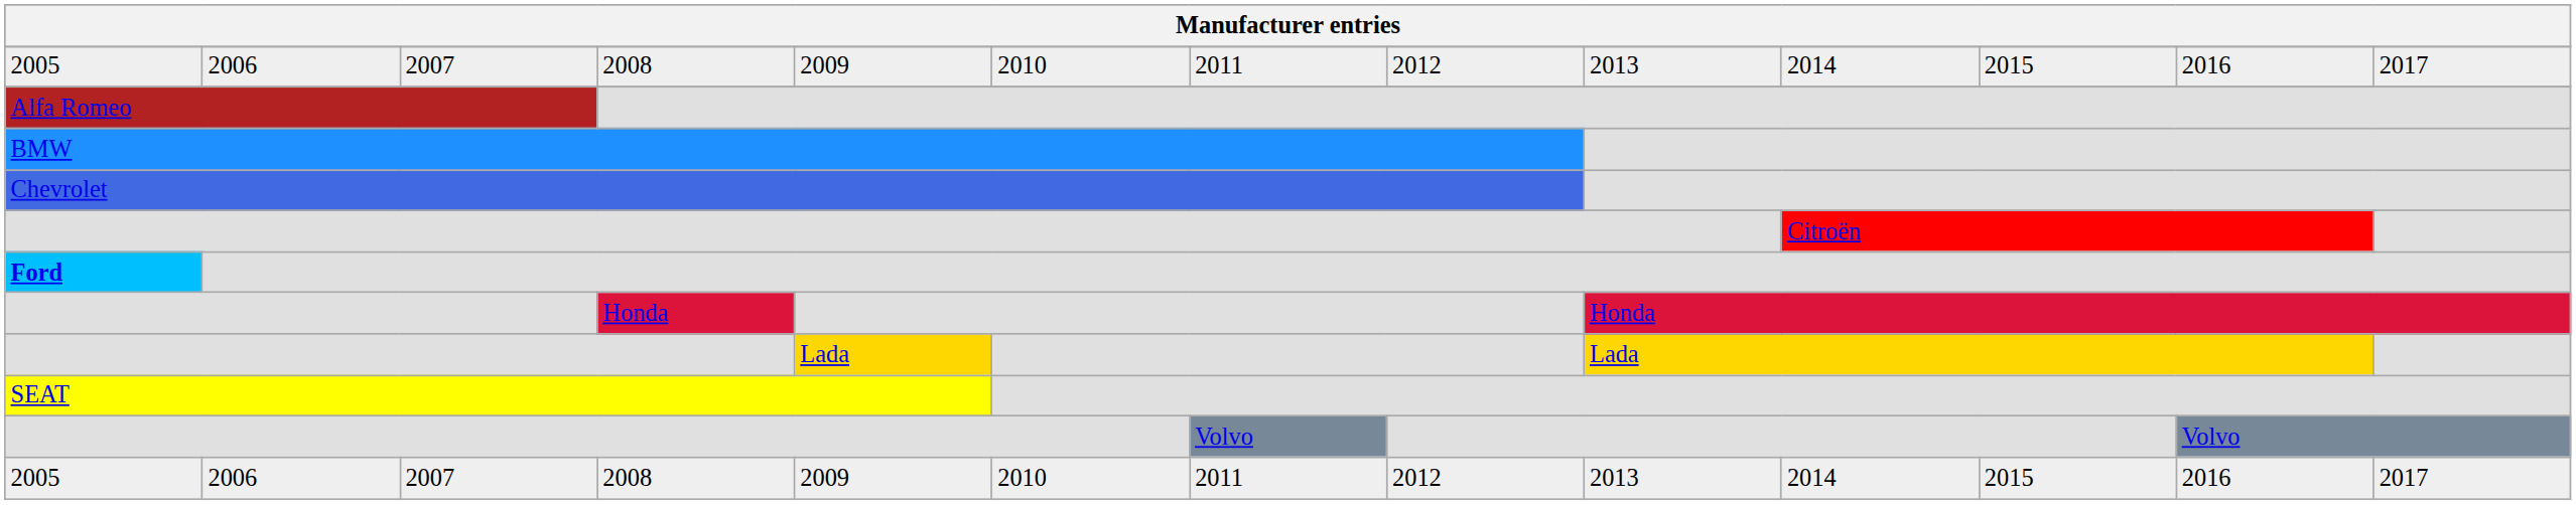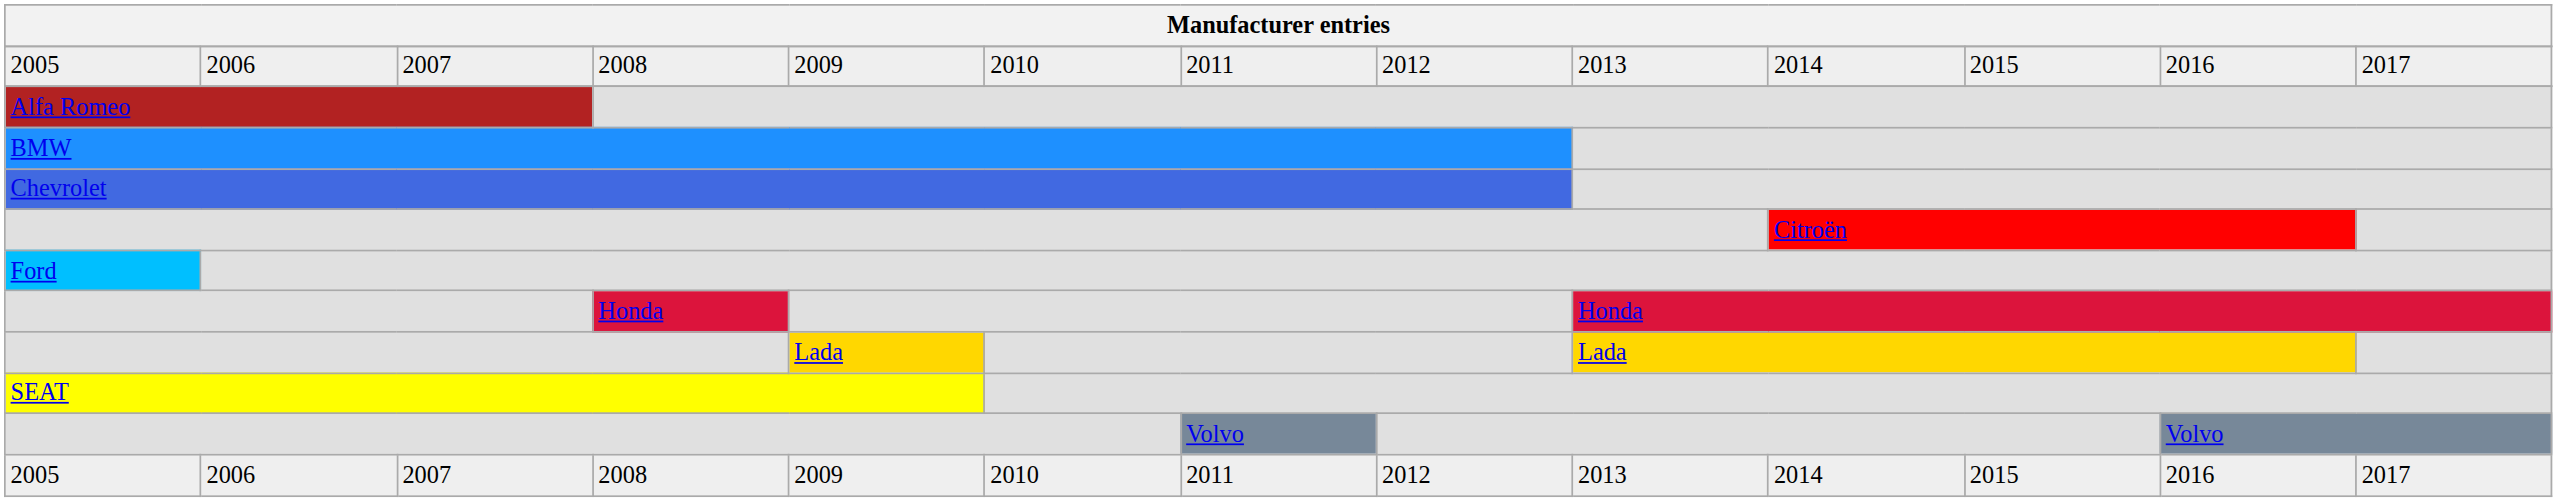 <table class="wikitable" style="font-size:88%">
 <tr>
 <th colspan=31>Manufacturer entries</th>
 </tr>
 <tr>
 </tr>
 <tr style="background:#EFEFEF;">
 <td width=3%>2005</td>
 <td width=3%>2006</td>
 <td width=3%>2007</td>
 <td width=3%>2008</td>
 <td width=3%>2009</td>
 <td width=3%>2010</td>
 <td width=3%>2011</td>
 <td width=3%>2012</td>
 <td width=3%>2013</td>
 <td width=3%>2014</td>
 <td width=3%>2015</td>
 <td width=3%>2016</td>
 <td width=3%>2017</td>
 </tr>
 <tr>
 </tr>
 <tr>
 <td colspan=3 style="background:#B22222;"><a href='#'>Alfa Romeo</a></td>
 <td colspan= 10 style="background:#E0E0E0;"></td>
 </tr>
 <tr>
 <td colspan= 8 style="background:#1E90FF;"><a href='#'>BMW</a></td>
 <td colspan= 5 style="background:#E0E0E0;"></td>
 </tr>
 <tr>
 <td colspan=8 style="background:#4169E1;"><a href='#'>Chevrolet</a></td>
 <td colspan= 5 style="background:#E0E0E0;"></td>
 </tr>
 <tr>
 <td colspan= 9 style="background:#E0E0E0;"></td>
 <td colspan=3 style="background:#FF0000;"><a href='#'>Citroën</a></td>
 <td colspan= 1 style="background:#E0E0E0;"></td>
 </tr>
 <tr>
-<td colspan= 1 style="background:#00BFFF;"><strong><a href='#'>Ford</a></strong></td>
+<td colspan= 1 style="background:#00BFFF;"><a href='#'>Ford</a></td>
 <td colspan= 12 style="background:#E0E0E0;"></td>
 </tr>
 <tr>
 <td colspan= 3 style="background:#E0E0E0;"></td>
 <td colspan=1 style="background:#DC143C;"><a href='#'>Honda</a></td>
 <td colspan= 4 style="background:#E0E0E0;"></td>
 <td colspan=5 style="background:#DC143C;"><a href='#'>Honda</a></td>
 </tr>
 <tr>
 <td colspan= 4 style="background:#E0E0E0;"></td>
 <td colspan=1 style="background:#FFD700;"><a href='#'>Lada</a></td>
 <td colspan= 3 style="background:#E0E0E0;"></td>
 <td colspan=4 style="background:#FFD700;"><a href='#'>Lada</a></td>
 <td colspan= 1 style="background:#E0E0E0;"></td>
 </tr>
 <tr>
 <td colspan=5 style="background:#FFFF00;"><a href='#'>SEAT</a></td>
 <td colspan= 8 style="background:#E0E0E0;"></td>
 </tr>
 <tr>
 <td colspan= 6 style="background:#E0E0E0;"></td>
 <td colspan=1 style="background:#778899;"><a href='#'>Volvo</a></td>
 <td colspan= 4 style="background:#E0E0E0;"></td>
 <td colspan=2 style="background:#778899;"><a href='#'>Volvo</a></td>
 </tr>
 <tr style="background:#EFEFEF;">
 <td width=3%>2005</td>
 <td width=3%>2006</td>
 <td width=3%>2007</td>
 <td width=3%>2008</td>
 <td width=3%>2009</td>
 <td width=3%>2010</td>
 <td width=3%>2011</td>
 <td width=3%>2012</td>
 <td width=3%>2013</td>
 <td width=3%>2014</td>
 <td width=3%>2015</td>
 <td width=3%>2016</td>
 <td width=3%>2017</td>
 </tr>
 </table>
